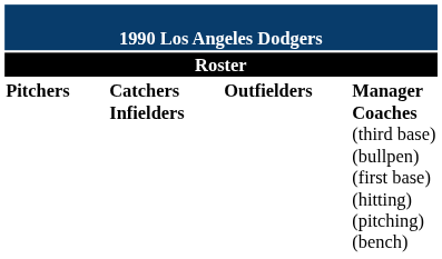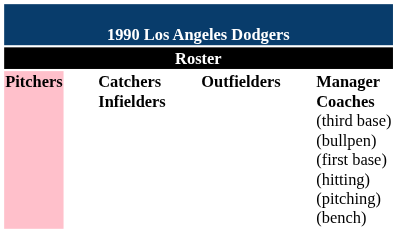 <table class="toccolours" style="font-size: 95%;">
 <tr>
 <th colspan="10" style="background-color: #083c6b; color: #FFFFFF; text-align: center;"><br>1990 Los Angeles Dodgers</th>
 </tr>
 <tr>
 <td colspan="10" style="background-color: black; color: #FFFFFF; text-align: center;"><strong>Roster</strong></td>
 </tr>
 <tr>
-<td valign="top"><strong>Pitchers</strong><br>                       </td>
+<td valign="top" style="background: pink;"><strong>Pitchers</strong><br>                       </td>
 <td width="25px"></td>
 <td valign="top"><strong>Catchers</strong><br>     <strong>Infielders</strong>             </td>
 <td width="25px"></td>
 <td valign="top"><strong>Outfielders</strong><br>      </td>
 <td width="25px"></td>
 <td valign="top"><strong>Manager</strong><br> <strong>Coaches</strong> <br> (third base)  <br>(bullpen)  <br>(first base)  <br>(hitting)  <br> (pitching)  <br>(bench)</td>
 </tr>
 </table>
